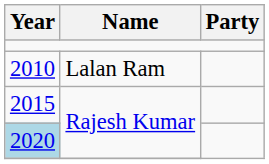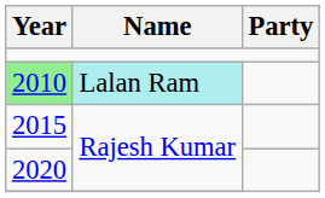 <table class="wikitable sortable">
 <tr>
 <th>Year</th>
 <th>Name</th>
 <th colspan="2">Party</th>
 </tr>
 <tr>
 <td colspan="4"></td>
 </tr>
 <tr>
-<td><a href='#'>2010</a></td>
-<td>Lalan Ram</td>
+<td style="background: lightgreen;"><a href='#'>2010</a></td>
+<td style="background: paleturquoise;">Lalan Ram</td>
 <td></td>
 </tr>
 <tr>
 <td><a href='#'>2015</a></td>
 <td rowspan="2"><a href='#'>Rajesh Kumar</a></td>
 <td></td>
 </tr>
 <tr>
-<td style="background: lightblue;"><a href='#'>2020</a></td>
+<td><a href='#'>2020</a></td>
 </tr>
 <tr>
 </tr>
 </table>
